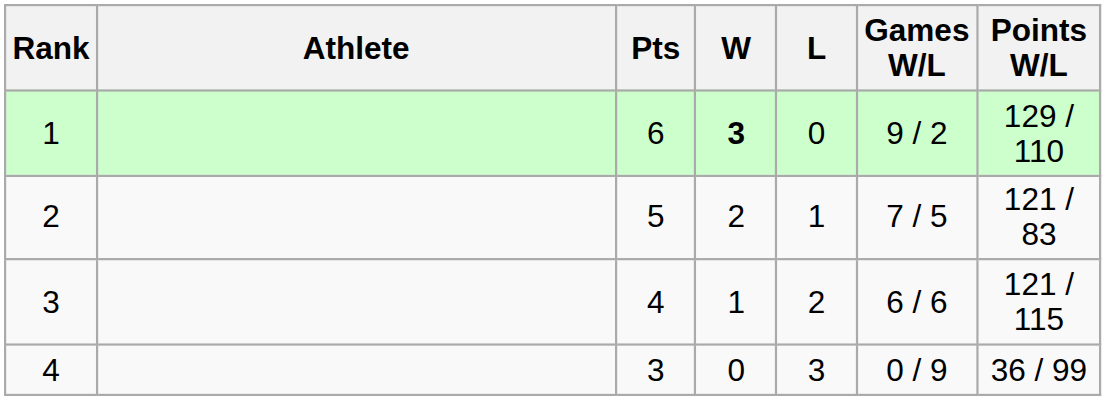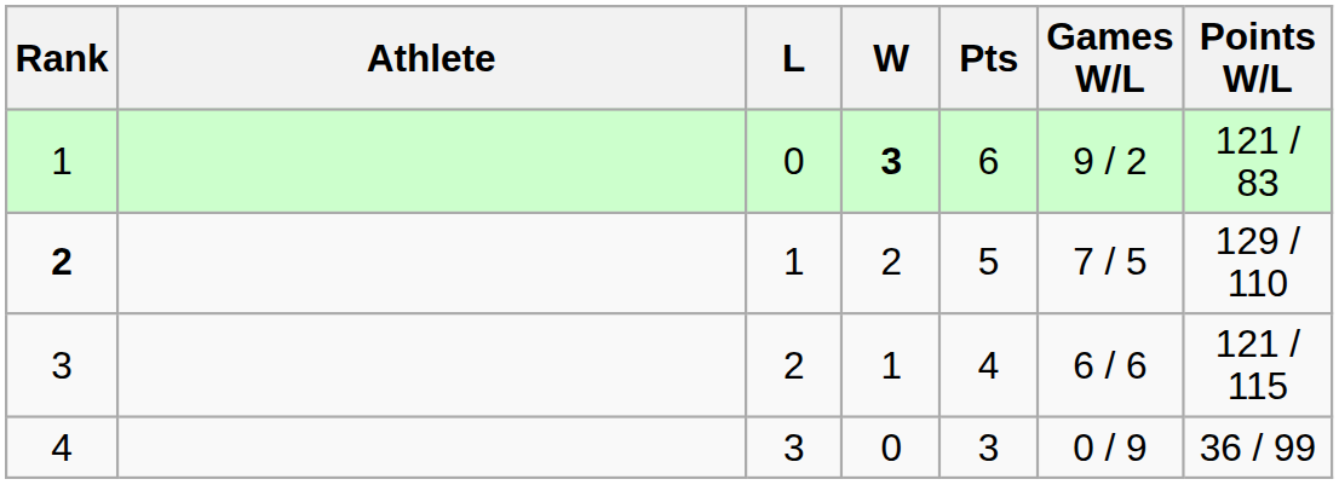 <table class="wikitable" style="text-align: center; font-size:90% ">
 <tr>
 <th width="20">Rank</th>
 <th width="230">Athlete</th>
+<th width="30">L</th>
+<th width="30">W</th>
 <th width="30">Pts</th>
-<th width="30">W</th>
-<th width="30">L</th>
 <th width="40">Games<br>W/L</th>
 <th width="50">Points<br>W/L</th>
 </tr>
 <tr bgcolor=#ccffcc>
 <td>1</td>
 <td align=left></td>
+<td>0</td>
+<td><strong>3</strong></td>
 <td>6</td>
-<td><strong>3</strong></td>
-<td>0</td>
 <td>9 / 2</td>
-<td>129 / 110</td>
+<td>121 / 83</td>
 </tr>
 <tr>
+<td><strong>2</strong></td>
+<td align=left></td>
+<td>1</td>
 <td>2</td>
-<td align=left></td>
 <td>5</td>
-<td>2</td>
-<td>1</td>
 <td>7 / 5</td>
-<td>121 / 83</td>
+<td>129 / 110</td>
 </tr>
 <tr>
 <td>3</td>
 <td align=left></td>
+<td>2</td>
+<td>1</td>
 <td>4</td>
-<td>1</td>
-<td>2</td>
 <td>6 / 6</td>
 <td>121 / 115</td>
 </tr>
 <tr>
 <td>4</td>
 <td align=left></td>
 <td>3</td>
 <td>0</td>
 <td>3</td>
 <td>0 / 9</td>
 <td>36 / 99</td>
 </tr>
 </table>
